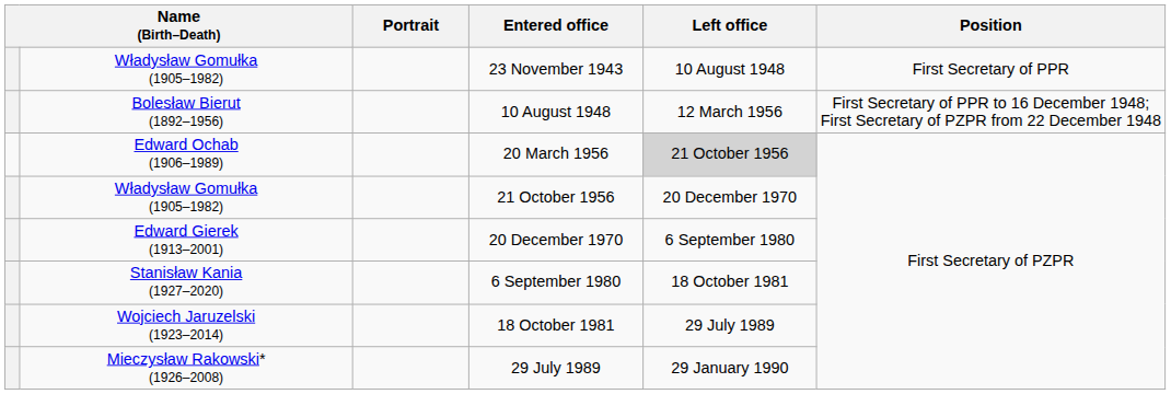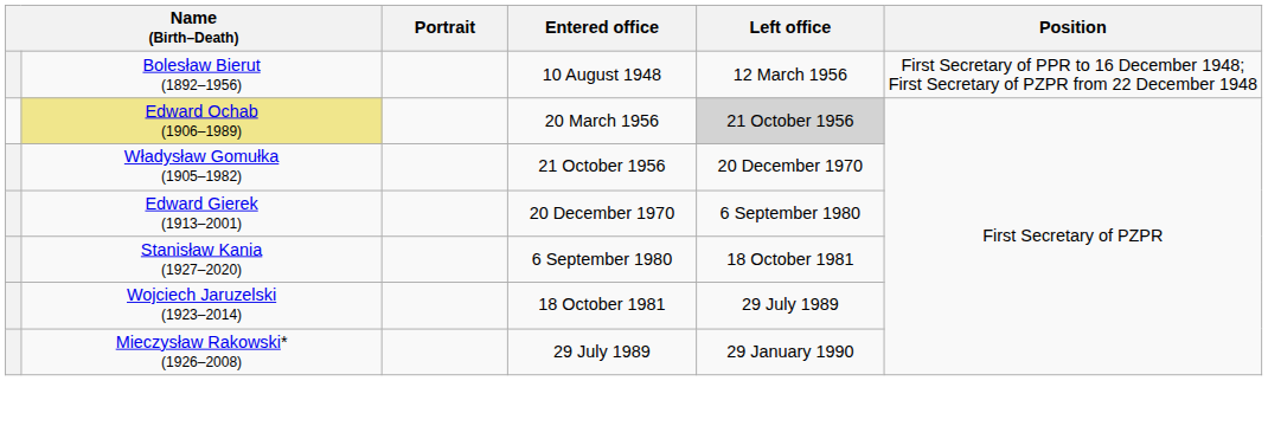 <table class="wikitable" style="text-align:center">
 <tr>
 <th colspan=2 width=30%>Name<br><small>(Birth–Death)</small></th>
 <th width=75px>Portrait</th>
 <th width=15%>Entered office</th>
 <th width=15%>Left office</th>
 <th width=30%>Position</th>
-</tr>
-<tr>
-<th style="background:"></th>
-<td><a href='#'>Władysław Gomułka</a><br><small>(1905–1982)</small></td>
-<td></td>
-<td>23 November 1943</td>
-<td>10 August 1948</td>
-<td>First Secretary of PPR</td>
 </tr>
 <tr>
 <th style="background:"></th>
 <td><a href='#'>Bolesław Bierut</a><br><small>(1892–1956)</small></td>
 <td></td>
 <td>10 August 1948</td>
 <td>12 March 1956</td>
 <td>First Secretary of PPR to 16 December 1948;<br>First Secretary of PZPR from 22 December 1948</td>
 </tr>
 <tr>
 <td style="background:"></td>
-<td><a href='#'>Edward Ochab</a><br><small>(1906–1989)</small></td>
+<td style="background: khaki;"><a href='#'>Edward Ochab</a><br><small>(1906–1989)</small></td>
 <td></td>
 <td>20 March 1956</td>
 <td style="background: lightgrey;">21 October 1956</td>
 <td rowspan="6">First Secretary of PZPR</td>
 </tr>
 <tr>
 <th style="background:"></th>
 <td><a href='#'>Władysław Gomułka</a><br><small>(1905–1982)</small></td>
 <td></td>
 <td>21 October 1956</td>
 <td>20 December 1970</td>
 </tr>
 <tr>
 <th style="background:"></th>
 <td><a href='#'>Edward Gierek</a><br><small>(1913–2001)</small></td>
 <td></td>
 <td>20 December 1970</td>
 <td>6 September 1980</td>
 </tr>
 <tr>
 <th style="background:"></th>
 <td><a href='#'>Stanisław Kania</a><br><small>(1927–2020)</small></td>
 <td></td>
 <td>6 September 1980</td>
 <td>18 October 1981</td>
 </tr>
 <tr>
 <th style="background:"></th>
 <td><a href='#'>Wojciech Jaruzelski</a><br><small>(1923–2014)</small></td>
 <td></td>
 <td>18 October 1981</td>
 <td>29 July 1989</td>
 </tr>
 <tr>
 <th style="background:"></th>
 <td><a href='#'>Mieczysław Rakowski</a>*<br><small>(1926–2008)</small></td>
 <td></td>
 <td>29 July 1989</td>
 <td>29 January 1990</td>
 </tr>
 </table>
